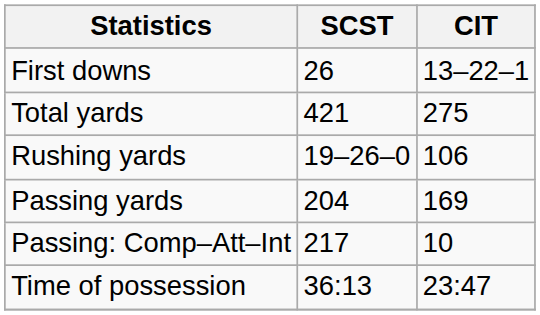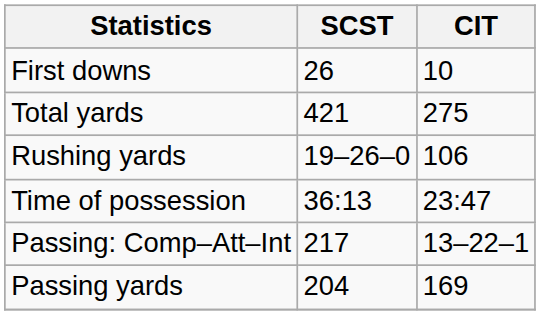 <table class="wikitable" style="float: left;">
 <tr>
 <th>Statistics</th>
 <th>SCST</th>
 <th>CIT</th>
 </tr>
 <tr>
 <td>First downs</td>
 <td>26</td>
-<td>13–22–1</td>
+<td>10</td>
 </tr>
 <tr>
 <td>Total yards</td>
 <td>421</td>
 <td>275</td>
 </tr>
 <tr>
 <td>Rushing yards</td>
 <td>19–26–0</td>
 <td>106</td>
 </tr>
 <tr>
+<td>Time of possession</td>
+<td>36:13</td>
+<td>23:47</td>
+</tr>
+<tr>
+<td>Passing: Comp–Att–Int</td>
+<td>217</td>
+<td>13–22–1</td>
+</tr>
+<tr>
 <td>Passing yards</td>
 <td>204</td>
 <td>169</td>
 </tr>
 <tr>
-<td>Passing: Comp–Att–Int</td>
-<td>217</td>
-<td>10</td>
-</tr>
-<tr>
-<td>Time of possession</td>
-<td>36:13</td>
-<td>23:47</td>
-</tr>
-<tr>
 </tr>
 </table>
